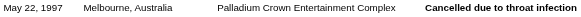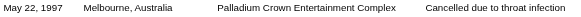 <table cellpadding="2" style="border: 0px solid darkgray;">
 <tr>
 <th width="150"></th>
 <th width="250"></th>
 <th width="400"></th>
 <th width="700"></th>
 </tr>
 <tr border="0">
 <td>May 22, 1997</td>
 <td>Melbourne, Australia</td>
 <td>Palladium Crown Entertainment Complex</td>
-<td><strong>Cancelled due to throat infection</strong></td>
+<td>Cancelled due to throat infection</td>
 </tr>
 </table>
